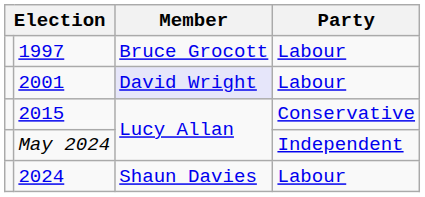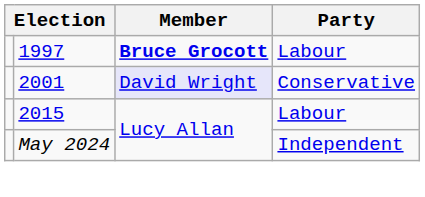 <table class="wikitable">
 <tr>
 <th colspan="2">Election</th>
 <th>Member</th>
 <th>Party</th>
 </tr>
 <tr>
 <td style="color:inherit;background-color: "></td>
 <td><a href='#'>1997</a></td>
-<td><a href='#'>Bruce Grocott</a></td>
+<td><strong><a href='#'>Bruce Grocott</a></strong></td>
 <td><a href='#'>Labour</a></td>
 </tr>
 <tr>
 <td style="color:inherit;background-color: "></td>
 <td><a href='#'>2001</a></td>
 <td style="background: lavender;"><a href='#'>David Wright</a></td>
-<td><a href='#'>Labour</a></td>
+<td><a href='#'>Conservative</a></td>
 </tr>
 <tr>
 <td style="color:inherit;background-color: "></td>
 <td><a href='#'>2015</a></td>
 <td rowspan="2"><a href='#'>Lucy Allan</a></td>
-<td><a href='#'>Conservative</a></td>
+<td><a href='#'>Labour</a></td>
 </tr>
 <tr>
 <td style="color:inherit;background-color: "></td>
 <td><em>May 2024</em></td>
 <td><a href='#'>Independent</a></td>
 </tr>
-<tr>
-<td style="color:inherit;background-color: "></td>
-<td><a href='#'>2024</a></td>
-<td><a href='#'>Shaun Davies</a></td>
-<td><a href='#'>Labour</a></td>
-</tr>
 </table>
